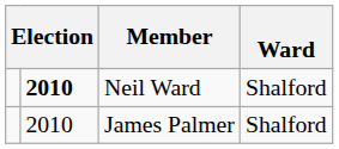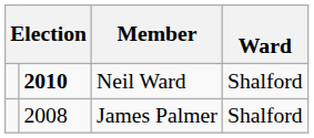 <table class="wikitable">
 <tr>
 <th colspan="2">Election</th>
 <th>Member</th>
 <th><br>Ward</th>
 </tr>
 <tr>
 <td style="background-color:"></td>
 <td><strong>2010</strong></td>
 <td>Neil Ward</td>
 <td>Shalford</td>
 </tr>
 <tr>
 <td style="background-color:"></td>
-<td>2010</td>
+<td>2008</td>
 <td>James Palmer</td>
 <td>Shalford</td>
 </tr>
 </table>
